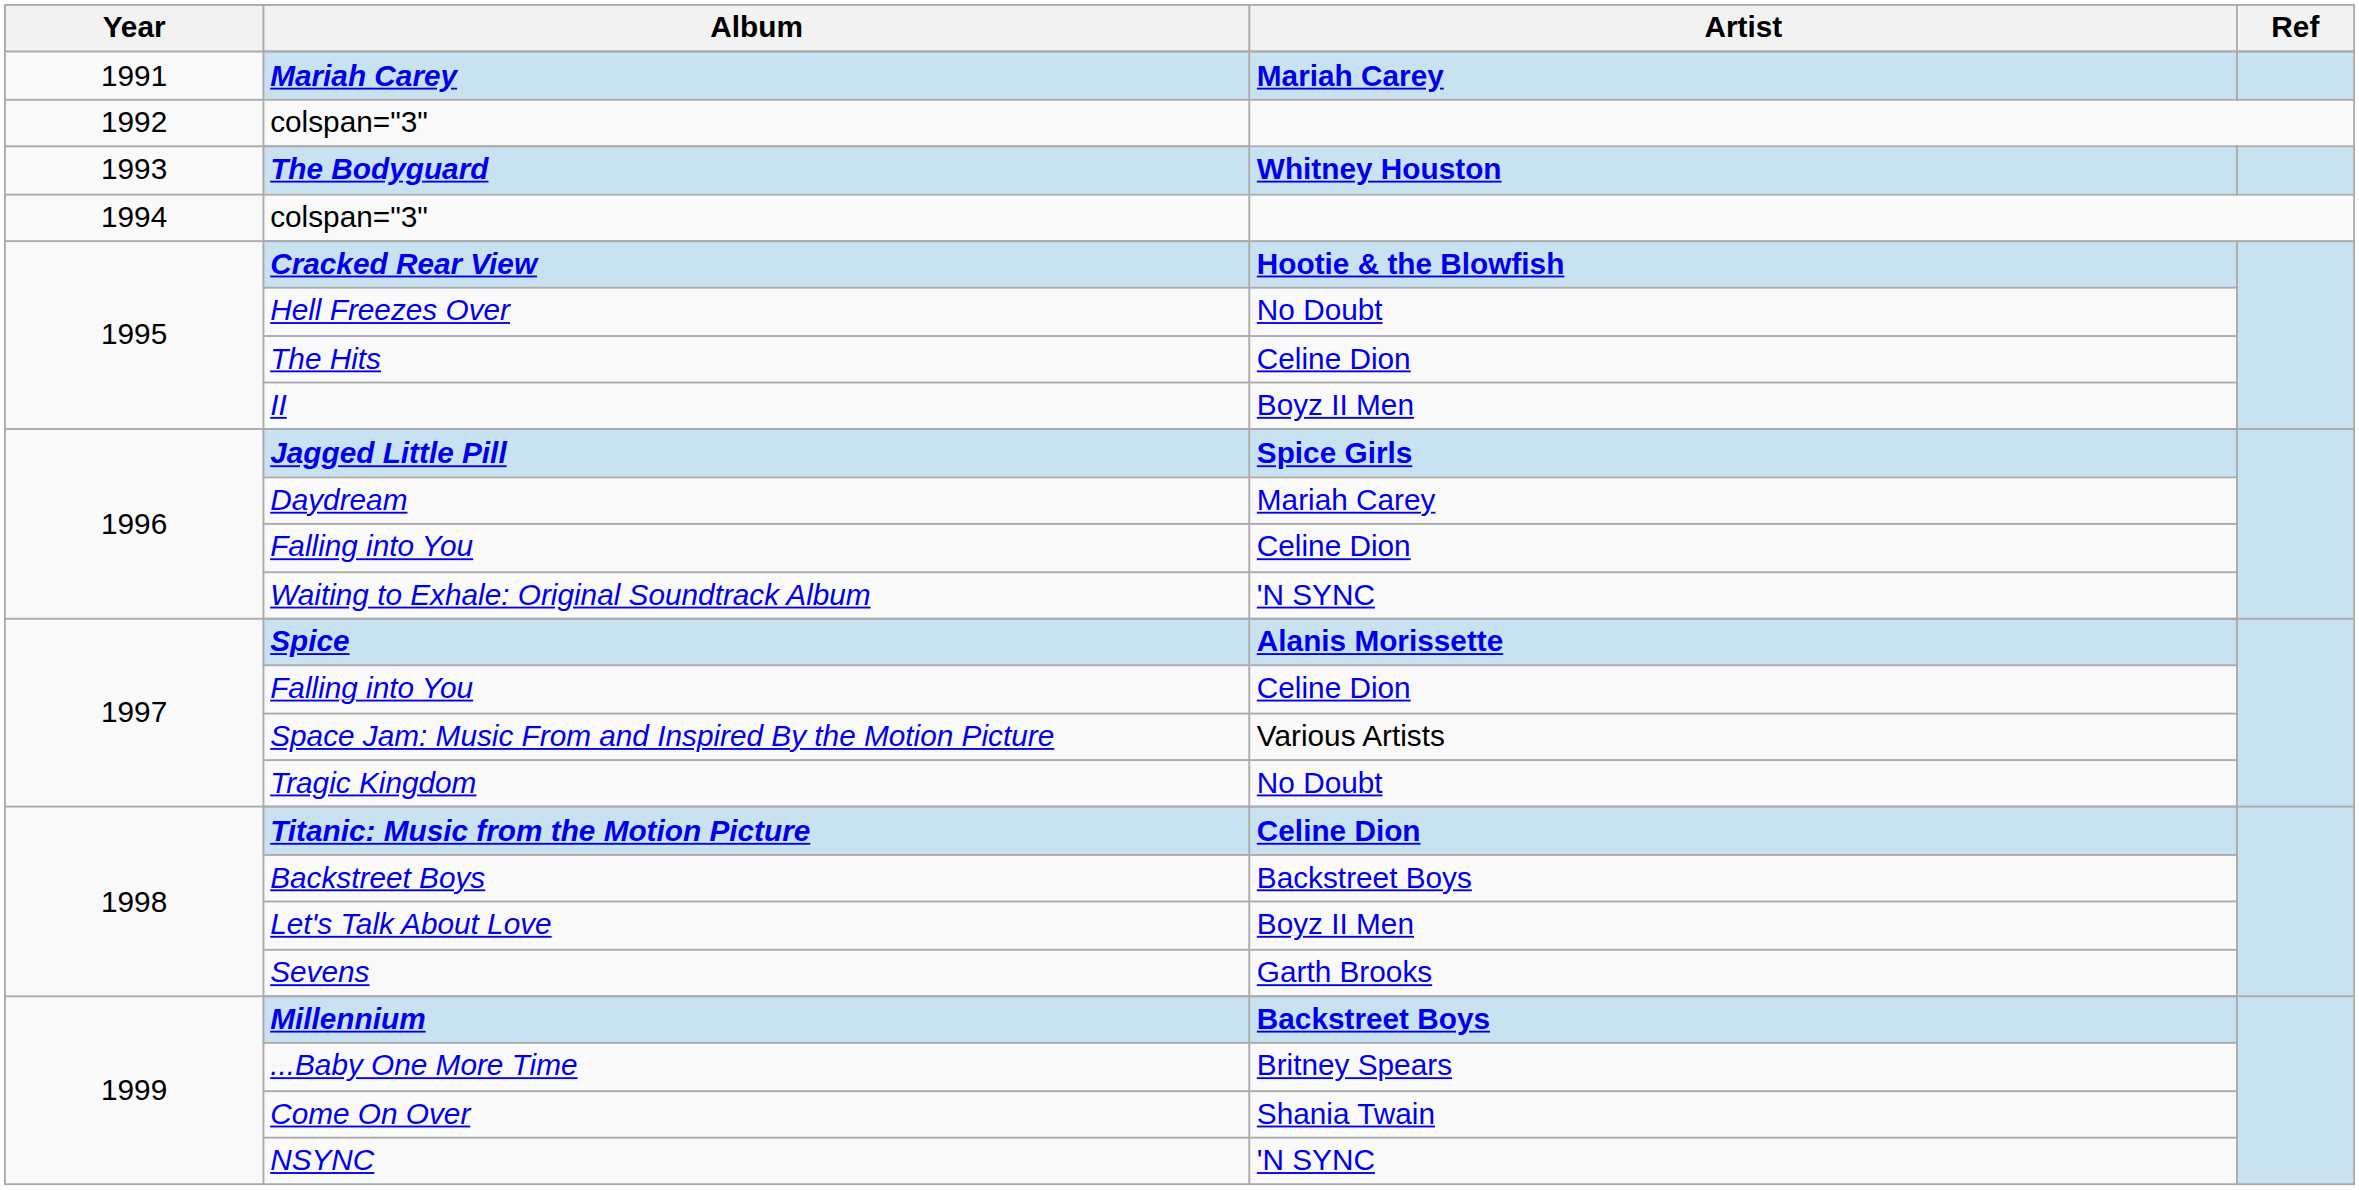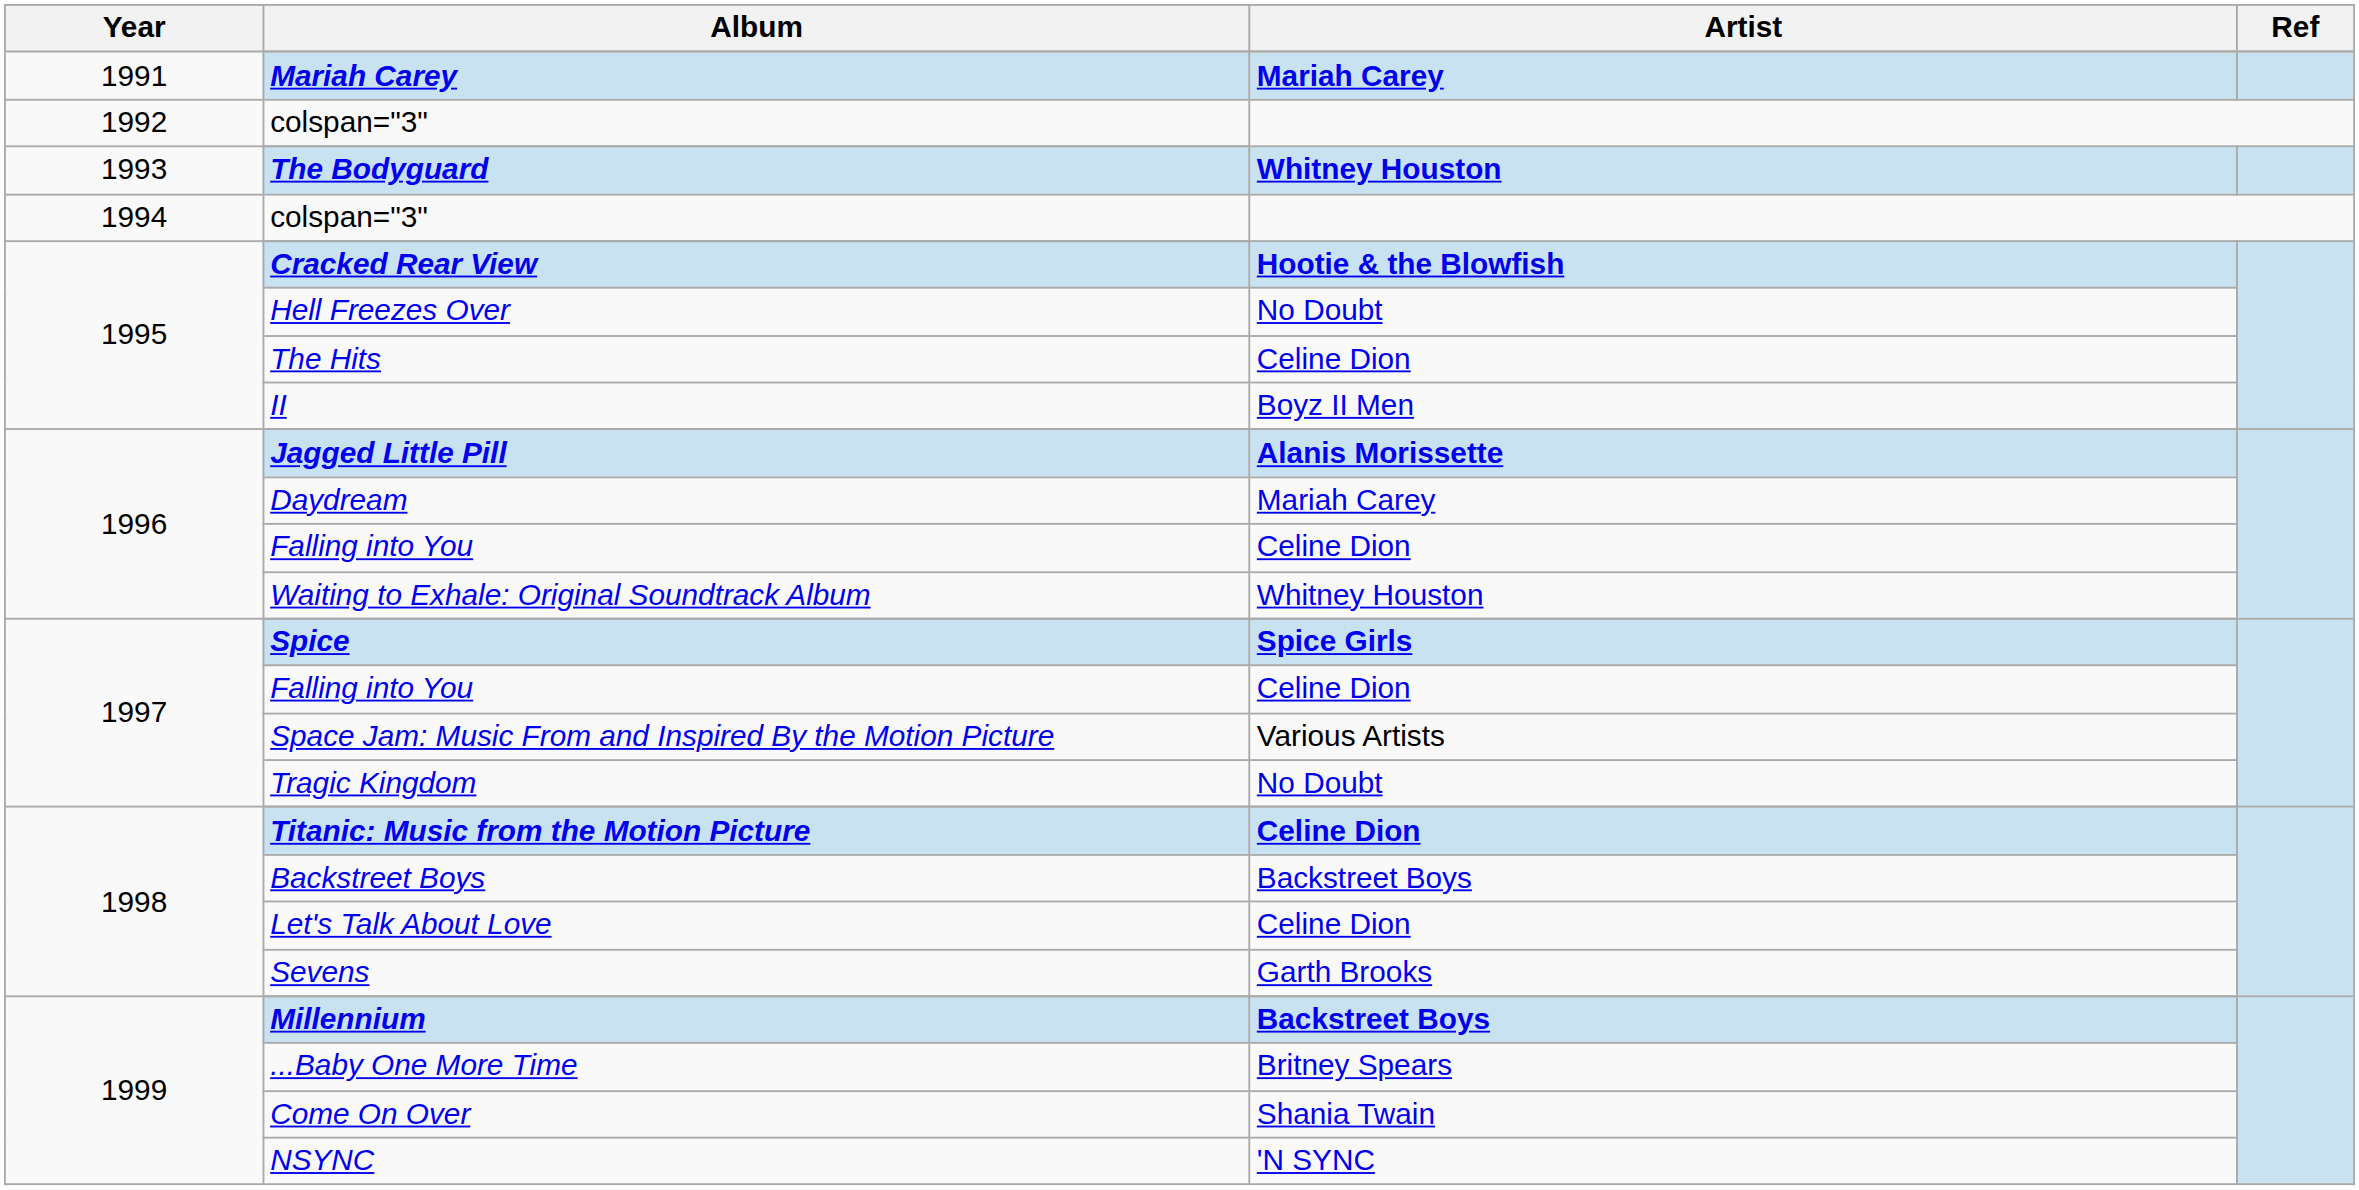 <table class="wikitable" style="width:100%;">
 <tr style="background:#bebebe;">
 <th style="width:11%;">Year</th>
 <th style="width:42%;">Album</th>
 <th style="width:42%;">Artist</th>
 <th style="width:5%;">Ref</th>
 </tr>
 <tr>
 <td rowspan="2" align="center">1991</td>
 </tr>
 <tr style="background:#c9e2f2">
 <td><strong><em><a href='#'>Mariah Carey</a></em></strong></td>
 <td><strong><a href='#'>Mariah Carey</a></strong></td>
 <td align="center"></td>
 </tr>
 <tr>
 <td align="center">1992</td>
 <td>colspan="3" </td>
 </tr>
 <tr>
 <td rowspan="2" align="center">1993</td>
 </tr>
 <tr style="background:#c9e2f2">
 <td><strong><em><a href='#'>The Bodyguard</a></em></strong></td>
 <td><strong><a href='#'>Whitney Houston</a></strong></td>
 <td align="center"></td>
 </tr>
 <tr>
 <td align="center">1994</td>
 <td>colspan="3" </td>
 </tr>
 <tr>
 <td rowspan="5" align="center">1995</td>
 </tr>
 <tr style="background:#c9e2f2">
 <td><strong><em><a href='#'>Cracked Rear View</a></em></strong></td>
 <td><strong><a href='#'>Hootie & the Blowfish</a></strong></td>
 <td rowspan="5" align="center"></td>
 </tr>
 <tr>
 <td><em><a href='#'>Hell Freezes Over</a></em></td>
 <td><a href='#'>No Doubt</a></td>
 </tr>
 <tr>
 <td><em><a href='#'>The Hits</a></em></td>
 <td><a href='#'>Celine Dion</a></td>
 </tr>
 <tr>
 <td><em><a href='#'>II</a></em></td>
 <td><a href='#'>Boyz II Men</a></td>
 </tr>
 <tr>
 <td rowspan="5" align="center">1996</td>
 </tr>
 <tr style="background:#c9e2f2">
 <td><strong><em><a href='#'>Jagged Little Pill</a></em></strong></td>
-<td><strong><a href='#'>Spice Girls</a></strong></td>
+<td><strong><a href='#'>Alanis Morissette</a></strong></td>
 <td rowspan="5" align="center"></td>
 </tr>
 <tr>
 <td><em><a href='#'>Daydream</a></em></td>
 <td><a href='#'>Mariah Carey</a></td>
 </tr>
 <tr>
 <td><em><a href='#'>Falling into You</a></em></td>
 <td><a href='#'>Celine Dion</a></td>
 </tr>
 <tr>
 <td><em><a href='#'>Waiting to Exhale: Original Soundtrack Album</a></em></td>
-<td><a href='#'>'N SYNC</a></td>
+<td><a href='#'>Whitney Houston</a></td>
 </tr>
 <tr>
 <td rowspan="5" align="center">1997</td>
 </tr>
 <tr style="background:#c9e2f2">
 <td><strong><em><a href='#'>Spice</a></em></strong></td>
-<td><strong><a href='#'>Alanis Morissette</a></strong></td>
+<td><strong><a href='#'>Spice Girls</a></strong></td>
 <td rowspan="5" align="center"></td>
 </tr>
 <tr>
 <td><em><a href='#'>Falling into You</a></em></td>
 <td><a href='#'>Celine Dion</a></td>
 </tr>
 <tr>
 <td><em><a href='#'>Space Jam: Music From and Inspired By the Motion Picture</a></em></td>
 <td>Various Artists</td>
 </tr>
 <tr>
 <td><em><a href='#'>Tragic Kingdom</a></em></td>
 <td><a href='#'>No Doubt</a></td>
 </tr>
 <tr>
 <td rowspan="5" align="center">1998</td>
 </tr>
 <tr style="background:#c9e2f2">
 <td><strong><em><a href='#'>Titanic: Music from the Motion Picture</a></em></strong></td>
 <td><strong><a href='#'>Celine Dion</a></strong></td>
 <td rowspan="5" align="center"></td>
 </tr>
 <tr>
 <td><em><a href='#'>Backstreet Boys</a></em></td>
 <td><a href='#'>Backstreet Boys</a></td>
 </tr>
 <tr>
 <td><em><a href='#'>Let's Talk About Love</a></em></td>
-<td><a href='#'>Boyz II Men</a></td>
+<td><a href='#'>Celine Dion</a></td>
 </tr>
 <tr>
 <td><em><a href='#'>Sevens</a></em></td>
 <td><a href='#'>Garth Brooks</a></td>
 </tr>
 <tr>
 <td rowspan="5" align="center">1999</td>
 </tr>
 <tr style="background:#c9e2f2">
 <td><strong><em><a href='#'>Millennium</a></em></strong></td>
 <td><strong><a href='#'>Backstreet Boys</a></strong></td>
 <td rowspan="5" align="center"></td>
 </tr>
 <tr>
 <td><em><a href='#'>...Baby One More Time</a></em></td>
 <td><a href='#'>Britney Spears</a></td>
 </tr>
 <tr>
 <td><em><a href='#'>Come On Over</a></em></td>
 <td><a href='#'>Shania Twain</a></td>
 </tr>
 <tr>
 <td><em><a href='#'>NSYNC</a></em></td>
 <td><a href='#'>'N SYNC</a></td>
 </tr>
 </table>
